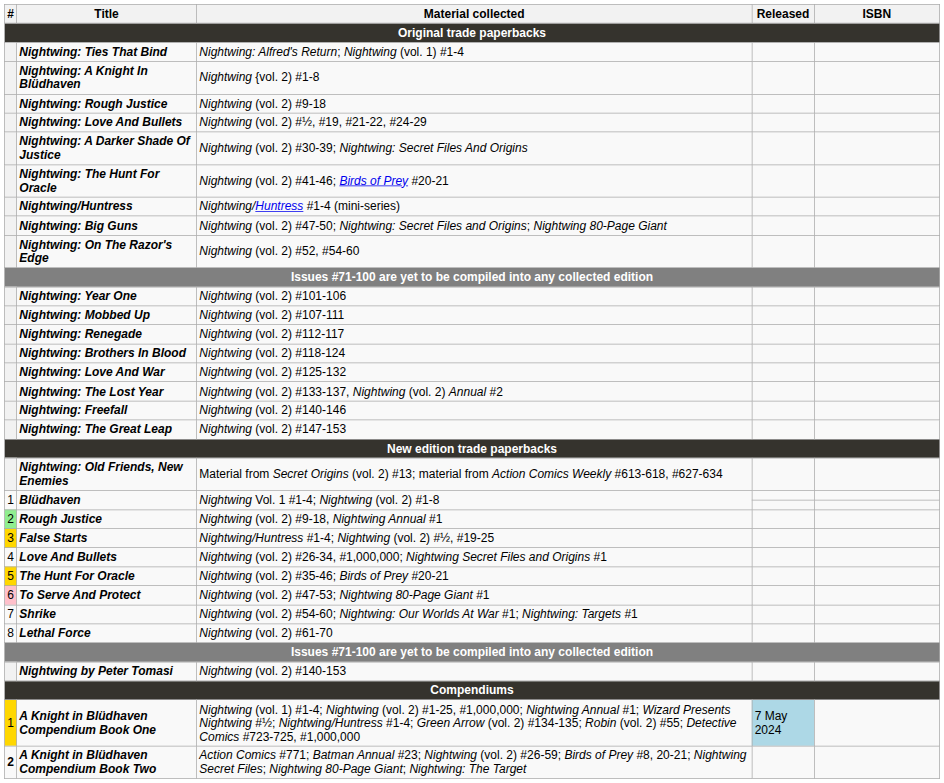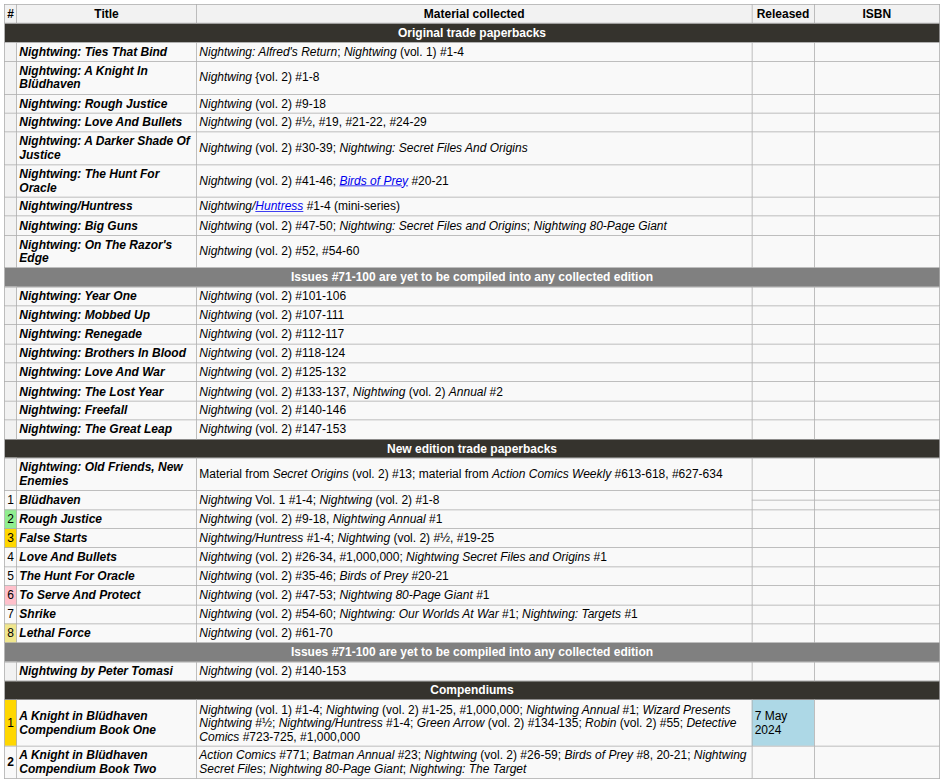 <table class="wikitable">
 <tr>
 <th>#</th>
 <th>Title</th>
 <th>Material collected</th>
 <th>Released</th>
 <th style="width: 10em;">ISBN</th>
 </tr>
 <tr>
 <th colspan=5 style="background-color: #35332D; color: white;">Original trade paperbacks</th>
 </tr>
 <tr>
 <th style="background-color: light grey;"></th>
 <td><strong><em>Nightwing: Ties That Bind</em></strong></td>
 <td><em>Nightwing: Alfred's Return</em>; <em>Nightwing</em> (vol. 1) #1-4</td>
 <td></td>
 <td></td>
 </tr>
 <tr>
 <th style="background-color: light grey;"></th>
 <td><strong><em>Nightwing: A Knight In Blüdhaven</em></strong></td>
 <td><em>Nightwing</em> {vol. 2) #1-8</td>
 <td></td>
 <td></td>
 </tr>
 <tr>
 <th style="background-color: light grey;"></th>
 <td><strong><em>Nightwing: Rough Justice</em></strong></td>
 <td><em>Nightwing</em> (vol. 2) #9-18</td>
 <td></td>
 <td></td>
 </tr>
 <tr>
 <th style="background-color: light grey;"></th>
 <td><strong><em>Nightwing: Love And Bullets</em></strong></td>
 <td><em>Nightwing</em> (vol. 2) #½, #19, #21-22, #24-29</td>
 <td></td>
 <td></td>
 </tr>
 <tr>
 <th style="background-color: light grey;"></th>
 <td><strong><em>Nightwing: A Darker Shade Of Justice</em></strong></td>
 <td><em>Nightwing</em> (vol. 2) #30-39; <em>Nightwing: Secret Files And Origins</em></td>
 <td></td>
 <td></td>
 </tr>
 <tr>
 <th style="background-color: light grey;"></th>
 <td><strong><em>Nightwing: The Hunt For Oracle</em></strong></td>
 <td><em>Nightwing</em> (vol. 2) #41-46; <em><a href='#'>Birds of Prey</a></em> #20-21</td>
 <td></td>
 <td></td>
 </tr>
 <tr>
 <th style="background-color: light grey;"></th>
 <td><strong><em>Nightwing/Huntress</em></strong></td>
 <td><em>Nightwing/<a href='#'>Huntress</a></em> #1-4 (mini-series)</td>
 <td></td>
 <td></td>
 </tr>
 <tr>
 <th style="background-color: light grey;"></th>
 <td><strong><em>Nightwing: Big Guns</em></strong></td>
 <td><em>Nightwing</em> (vol. 2) #47-50; <em>Nightwing: Secret Files and Origins</em>; <em>Nightwing 80-Page Giant</em></td>
 <td></td>
 <td></td>
 </tr>
 <tr>
 <th style="background-color: light grey;"></th>
 <td><strong><em>Nightwing: On The Razor's Edge</em></strong></td>
 <td><em>Nightwing</em> (vol. 2) #52, #54-60</td>
 <td></td>
 <td></td>
 </tr>
 <tr>
 <td colspan=6 style="background-color: grey; color: white; text-align: center;"><strong>Issues #71-100 are yet to be compiled into any collected edition</strong></td>
 </tr>
 <tr>
 <th style="background-color: light grey;"></th>
 <td><strong><em>Nightwing: Year One</em></strong></td>
 <td><em>Nightwing</em> (vol. 2) #101-106</td>
 <td></td>
 <td></td>
 </tr>
 <tr>
 <th style="background-color: light grey;"></th>
 <td><strong><em>Nightwing: Mobbed Up</em></strong></td>
 <td><em>Nightwing</em> (vol. 2) #107-111</td>
 <td></td>
 <td></td>
 </tr>
 <tr>
 <th style="background-color: light grey;"></th>
 <td><strong><em>Nightwing: Renegade</em></strong></td>
 <td><em>Nightwing</em> (vol. 2) #112-117</td>
 <td></td>
 <td></td>
 </tr>
 <tr>
 <th style="background-color: light grey;"></th>
 <td><strong><em>Nightwing: Brothers In Blood</em></strong></td>
 <td><em>Nightwing</em> (vol. 2) #118-124</td>
 <td></td>
 <td></td>
 </tr>
 <tr>
 <th style="background-color: light grey;"></th>
 <td><strong><em>Nightwing: Love And War</em></strong></td>
 <td><em>Nightwing</em> (vol. 2) #125-132</td>
 <td></td>
 <td></td>
 </tr>
 <tr>
 <th style="background-color: light grey;"></th>
 <td><strong><em>Nightwing: The Lost Year</em></strong></td>
 <td><em>Nightwing</em> (vol. 2) #133-137, <em>Nightwing</em> (vol. 2) <em>Annual</em> #2</td>
 <td></td>
 <td></td>
 </tr>
 <tr>
 <th style="background-color: light grey;"></th>
 <td><strong><em>Nightwing: Freefall</em></strong></td>
 <td><em>Nightwing</em> (vol. 2) #140-146</td>
 <td></td>
 <td></td>
 </tr>
 <tr>
 <th style="background-color: light grey;"></th>
 <td><strong><em>Nightwing: The Great Leap</em></strong></td>
 <td><em>Nightwing</em> (vol. 2) #147-153</td>
 <td></td>
 <td></td>
 </tr>
 <tr>
 <th colspan=5 style="background-color: #35332D; color: white;">New edition trade paperbacks</th>
 </tr>
 <tr>
 <th style="background-color: light grey;"></th>
 <td><strong><em>Nightwing: Old Friends, New Enemies</em></strong></td>
 <td>Material from <em>Secret Origins</em> (vol. 2) #13; material from <em>Action Comics Weekly</em> #613-618, #627-634</td>
 <td></td>
 <td></td>
 </tr>
 <tr>
 <td rowspan=2>1</td>
 <td rowspan=2><strong><em>Blüdhaven</em></strong></td>
 <td rowspan=2><em>Nightwing</em> Vol. 1 #1-4; <em>Nightwing</em> (vol. 2) #1-8</td>
 <td></td>
 <td></td>
 </tr>
 <tr>
 <td></td>
 <td></td>
 </tr>
 <tr>
 <td style="background: lightgreen;">2</td>
 <td><strong><em>Rough Justice</em></strong></td>
 <td><em>Nightwing</em> (vol. 2) #9-18, <em>Nightwing Annual</em> #1</td>
 <td></td>
 <td></td>
 </tr>
 <tr>
 <td style="background: gold;">3</td>
 <td><strong><em>False Starts</em></strong></td>
 <td><em>Nightwing/Huntress</em> #1-4; <em>Nightwing</em> (vol. 2) #½, #19-25</td>
 <td></td>
 <td></td>
 </tr>
 <tr>
 <td>4</td>
 <td><strong><em>Love And Bullets</em></strong></td>
 <td><em>Nightwing</em> (vol. 2) #26-34, #1,000,000; <em>Nightwing Secret Files and Origins</em> #1</td>
 <td></td>
 <td></td>
 </tr>
 <tr>
-<td style="background: gold;">5</td>
+<td>5</td>
 <td><strong><em>The Hunt For Oracle</em></strong></td>
 <td><em>Nightwing</em> (vol. 2) #35-46; <em>Birds of Prey</em> #20-21</td>
 <td></td>
 <td></td>
 </tr>
 <tr>
 <td style="background: pink;">6</td>
 <td><strong><em>To Serve And Protect</em></strong></td>
 <td><em>Nightwing</em> (vol. 2) #47-53; <em>Nightwing 80-Page Giant</em> #1</td>
 <td></td>
 <td></td>
 </tr>
 <tr>
 <td>7</td>
 <td><strong><em>Shrike</em></strong></td>
 <td><em>Nightwing</em> (vol. 2) #54-60; <em>Nightwing: Our Worlds At War</em> #1; <em>Nightwing: Targets</em> #1</td>
 <td></td>
 <td></td>
 </tr>
 <tr>
-<td>8</td>
+<td style="background: khaki;">8</td>
 <td><strong><em>Lethal Force</em></strong></td>
 <td><em>Nightwing</em> (vol. 2) #61-70</td>
 <td></td>
 <td></td>
 </tr>
 <tr>
 <td colspan=6 style="background-color: grey; color: white; text-align: center;"><strong>Issues #71-100 are yet to be compiled into any collected edition</strong></td>
 </tr>
 <tr>
 <th style="background-color: light grey;"></th>
 <td><strong><em>Nightwing by Peter Tomasi</em></strong></td>
 <td><em>Nightwing</em> (vol. 2) #140-153</td>
 <td></td>
 <td></td>
 </tr>
 <tr>
 <th colspan=5 style="background-color: #35332D; color: white;">Compendiums</th>
 </tr>
 <tr>
 <td style="background: gold;">1</td>
 <td><strong><em>A Knight in Blüdhaven Compendium Book One</em></strong></td>
 <td><em>Nightwing</em> (vol. 1) #1-4; <em>Nightwing</em> (vol. 2) #1-25, #1,000,000; <em>Nightwing Annual</em> #1; <em>Wizard Presents Nightwing</em> #½; <em>Nightwing/Huntress</em> #1-4; <em>Green Arrow</em> (vol. 2) #134-135; <em>Robin</em> (vol. 2) #55; <em>Detective Comics</em> #723-725, #1,000,000</td>
 <td style="background: lightblue;">7 May 2024</td>
 <td></td>
 </tr>
 <tr>
 <td><strong>2</strong></td>
 <td><strong><em>A Knight in Blüdhaven Compendium Book Two</em></strong></td>
 <td><em>Action Comics</em> #771; <em>Batman Annual</em> #23; <em>Nightwing</em> (vol. 2) #26-59; <em>Birds of Prey</em> #8, 20-21; <em>Nightwing Secret Files</em>; <em>Nightwing 80-Page Giant</em>; <em>Nightwing: The Target</em></td>
 <td></td>
 <td></td>
 </tr>
 </table>
